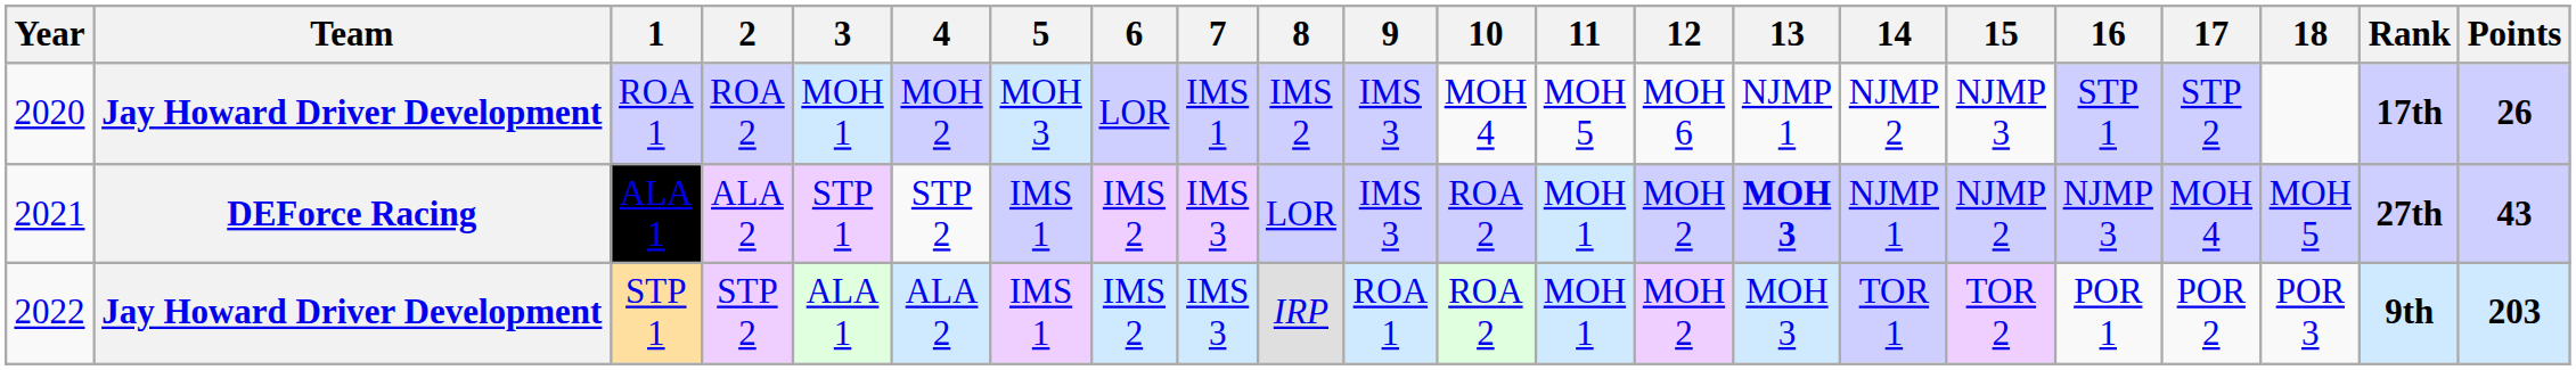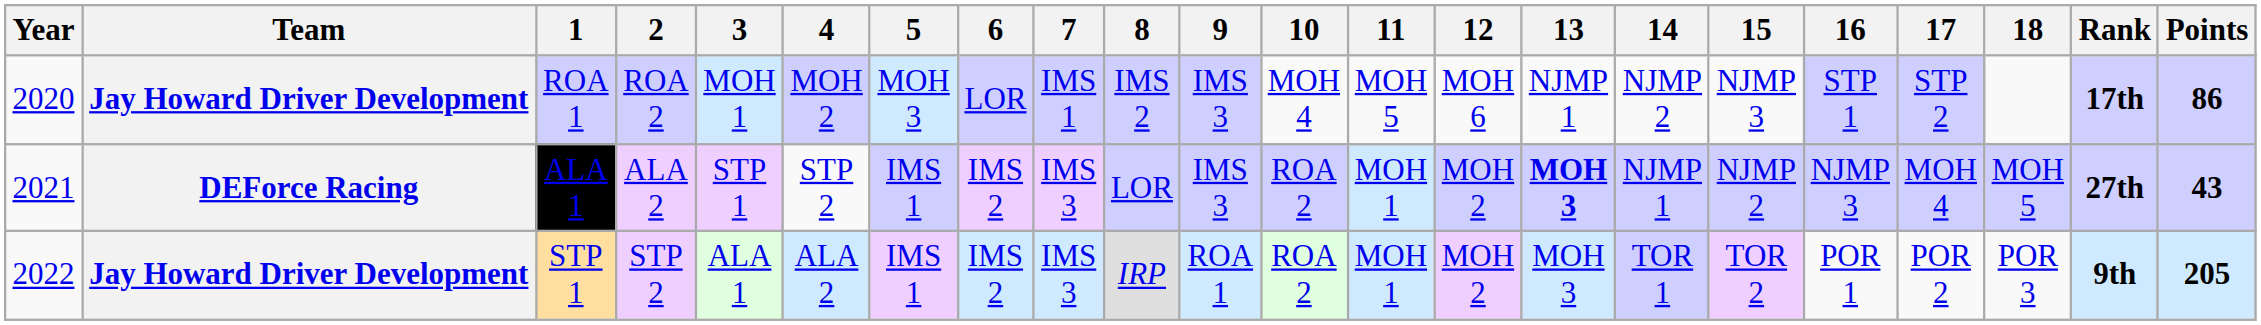 <table class="wikitable" style="text-align:center; font-size:85%">
 <tr>
 <th>Year</th>
 <th>Team</th>
 <th>1</th>
 <th>2</th>
 <th>3</th>
 <th>4</th>
 <th>5</th>
 <th>6</th>
 <th>7</th>
 <th>8</th>
 <th>9</th>
 <th>10</th>
 <th>11</th>
 <th>12</th>
 <th>13</th>
 <th>14</th>
 <th>15</th>
 <th>16</th>
 <th>17</th>
 <th>18</th>
 <th>Rank</th>
 <th>Points</th>
 </tr>
 <tr>
 <td><a href='#'>2020</a></td>
 <th><a href='#'>Jay Howard Driver Development</a></th>
 <td style="background:#CFCFFF;"><a href='#'>ROA<br>1</a><br></td>
 <td style="background:#CFCFFF;"><a href='#'>ROA<br>2</a><br></td>
 <td style="background:#CFEAFF;"><a href='#'>MOH<br>1</a><br></td>
 <td style="background:#CFCFFF;"><a href='#'>MOH<br>2</a><br></td>
 <td style="background:#CFEAFF;"><a href='#'>MOH<br>3</a><br></td>
 <td style="background:#CFCFFF;"><a href='#'>LOR</a><br></td>
 <td style="background:#CFCFFF;"><a href='#'>IMS<br>1</a><br></td>
 <td style="background:#CFCFFF;"><a href='#'>IMS<br>2</a><br></td>
 <td style="background:#CFCFFF;"><a href='#'>IMS<br>3</a><br></td>
 <td style="background:#;"><a href='#'>MOH<br>4</a><br></td>
 <td style="background:#;"><a href='#'>MOH<br>5</a><br></td>
 <td style="background:#;"><a href='#'>MOH<br>6</a><br></td>
 <td><a href='#'>NJMP<br>1</a><br></td>
 <td><a href='#'>NJMP<br>2</a><br></td>
 <td><a href='#'>NJMP<br>3</a><br></td>
 <td style="background:#CFCFFF;"><a href='#'>STP<br>1</a><br></td>
 <td style="background:#CFCFFF;"><a href='#'>STP<br>2</a><br></td>
 <td style="background:#;"><br></td>
 <th style="background:#CFCFFF;">17th</th>
-<th style="background:#CFCFFF;">26</th>
+<th style="background:#CFCFFF;">86</th>
 </tr>
 <tr>
 <td><a href='#'>2021</a></td>
 <th><a href='#'>DEForce Racing</a></th>
 <td style="background:#000000; color:white;"><a href='#'><span>ALA<br>1</span></a><br></td>
 <td style="background:#EFCFFF;"><a href='#'>ALA<br>2</a><br></td>
 <td style="background:#EFCFFF;"><a href='#'>STP<br>1</a><br></td>
 <td style="background:#;"><a href='#'>STP<br>2</a><br></td>
 <td style="background:#CFCFFF;"><a href='#'>IMS<br>1</a><br></td>
 <td style="background:#EFCFFF;"><a href='#'>IMS<br>2</a><br></td>
 <td style="background:#EFCFFF;"><a href='#'>IMS<br>3</a><br></td>
 <td style="background:#CFCFFF;"><a href='#'>LOR</a><br></td>
 <td style="background:#CFCFFF;"><a href='#'>IMS<br>3</a><br></td>
 <td style="background:#CFCFFF;"><a href='#'>ROA<br>2</a><br></td>
 <td style="background:#CFEAFF;"><a href='#'>MOH<br>1</a><br></td>
 <td style="background:#CFCFFF;"><a href='#'>MOH<br>2</a><br></td>
 <td style="background:#CFCFFF;"><strong><a href='#'>MOH<br>3</a><br></strong></td>
 <td style="background:#CFCFFF;"><a href='#'>NJMP<br>1</a><br></td>
 <td style="background:#CFCFFF;"><a href='#'>NJMP<br>2</a><br></td>
 <td style="background:#CFCFFF;"><a href='#'>NJMP<br>3</a><br></td>
 <td style="background:#CFCFFF;"><a href='#'>MOH<br>4</a><br></td>
 <td style="background:#CFCFFF;"><a href='#'>MOH<br>5</a><br></td>
 <th style="background:#CFCFFF;">27th</th>
 <th style="background:#CFCFFF;">43</th>
 </tr>
 <tr>
 <td><a href='#'>2022</a></td>
 <th><a href='#'>Jay Howard Driver Development</a></th>
 <td style="background:#FFDF9F;"><a href='#'>STP<br>1</a><br></td>
 <td style="background:#EFCFFF;"><a href='#'>STP<br>2</a><br></td>
 <td style="background:#DFFFDF;"><a href='#'>ALA<br>1</a><br></td>
 <td style="background:#CFEAFF;"><a href='#'>ALA<br>2</a><br></td>
 <td style="background:#EFCFFF;"><a href='#'>IMS<br>1</a><br></td>
 <td style="background:#CFEAFF;"><a href='#'>IMS<br>2</a><br></td>
 <td style="background:#CFEAFF;"><a href='#'>IMS<br>3</a><br></td>
 <td style="background:#DFDFDF;"><em><a href='#'>IRP</a></em><br></td>
 <td style="background:#CFEAFF;"><a href='#'>ROA<br>1</a><br></td>
 <td style="background:#DFFFDF;"><a href='#'>ROA<br>2</a><br></td>
 <td style="background:#CFEAFF;"><a href='#'>MOH<br>1</a><br></td>
 <td style="background:#EFCFFF;"><a href='#'>MOH<br>2</a><br></td>
 <td style="background:#CFEAFF;"><a href='#'>MOH<br>3</a><br></td>
 <td style="background:#CFCFFF;"><a href='#'>TOR<br>1</a><br></td>
 <td style="background:#EFCFFF;"><a href='#'>TOR<br>2</a><br></td>
 <td style="background:#;"><a href='#'>POR<br>1</a><br></td>
 <td style="background:#;"><a href='#'>POR<br>2</a><br></td>
 <td style="background:#;"><a href='#'>POR<br>3</a><br></td>
 <th style="background:#CFEAFF;">9th</th>
-<th style="background:#CFEAFF;">203</th>
+<th style="background:#CFEAFF;">205</th>
 </tr>
 </table>
